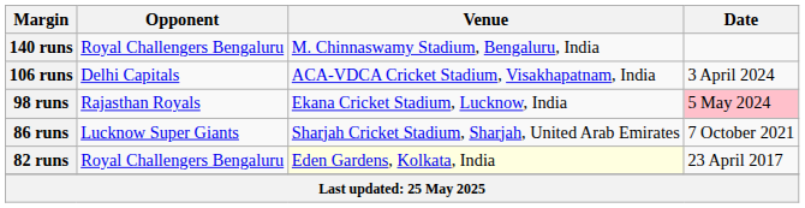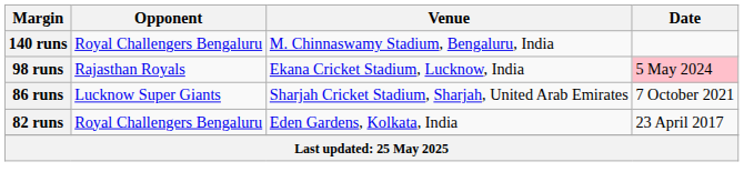 <table class="wikitable sortable" style="text-align:left;font-size:96%;">
 <tr>
 <th>Margin</th>
 <th>Opponent</th>
 <th>Venue</th>
 <th>Date</th>
 </tr>
 <tr>
 <th scope=row style=text-align:center;>140 runs</th>
 <td><a href='#'>Royal Challengers Bengaluru</a></td>
 <td><a href='#'>M. Chinnaswamy Stadium</a>, <a href='#'>Bengaluru</a>, India</td>
 <td></td>
-</tr>
-<tr>
-<th scope=row style=text-align:center;>106 runs</th>
-<td><a href='#'>Delhi Capitals</a></td>
-<td><a href='#'>ACA-VDCA Cricket Stadium</a>, <a href='#'>Visakhapatnam</a>, India</td>
-<td>3 April 2024</td>
 </tr>
 <tr>
 <th scope=row style=text-align:center;>98 runs</th>
 <td><a href='#'>Rajasthan Royals</a></td>
 <td><a href='#'>Ekana Cricket Stadium</a>, <a href='#'>Lucknow</a>, India</td>
 <td style="background: pink;">5 May 2024</td>
 </tr>
 <tr>
 <th scope=row style=text-align:center;>86 runs</th>
 <td><a href='#'>Lucknow Super Giants</a></td>
 <td><a href='#'>Sharjah Cricket Stadium</a>, <a href='#'>Sharjah</a>, United Arab Emirates</td>
 <td>7 October 2021</td>
 </tr>
 <tr>
 <th scope=row style=text-align:center;>82 runs</th>
 <td><a href='#'>Royal Challengers Bengaluru</a></td>
-<td style="background: lightyellow;"><a href='#'>Eden Gardens</a>, <a href='#'>Kolkata</a>, India</td>
+<td><a href='#'>Eden Gardens</a>, <a href='#'>Kolkata</a>, India</td>
 <td>23 April 2017</td>
 </tr>
 <tr>
 </tr>
 <tr class="sortbottom">
 <th colspan="4"><small>Last updated: 25 May 2025</small></th>
 </tr>
 </table>
